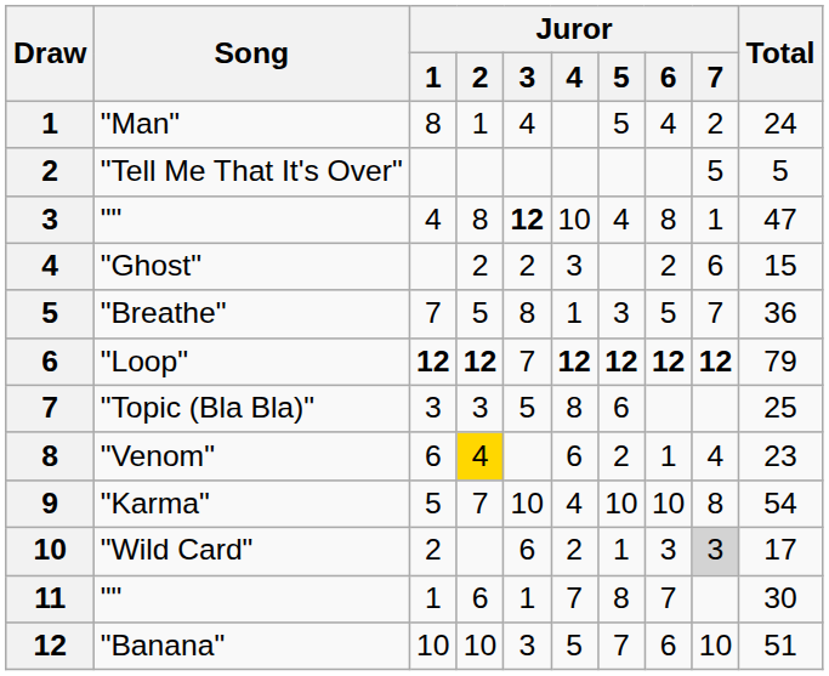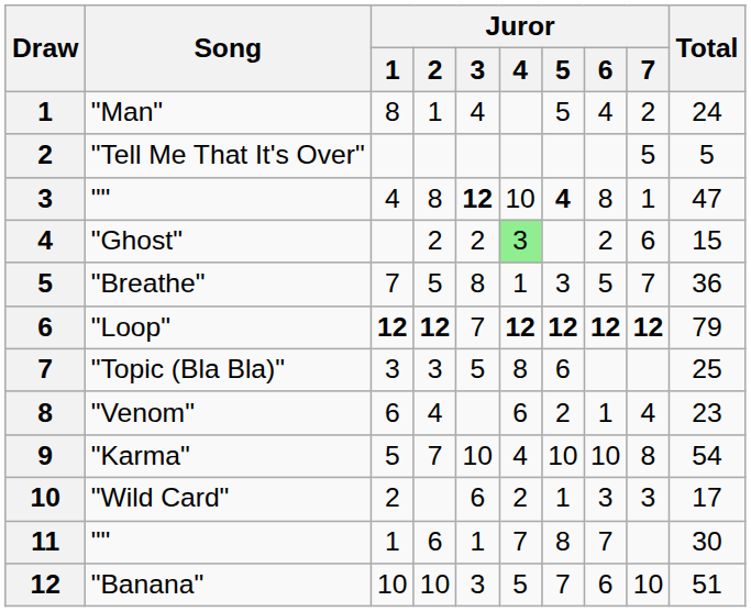 <table class="wikitable plainrowheaders" style="margin: 1em auto 1em auto; text-align:center;">
 <tr>
 <th rowspan="2">Draw</th>
 <th rowspan="2">Song</th>
 <th colspan="7">Juror</th>
 <th rowspan="2">Total</th>
 </tr>
 <tr>
 <th>1</th>
 <th>2</th>
 <th>3</th>
 <th>4</th>
 <th>5</th>
 <th>6</th>
 <th>7</th>
 </tr>
 <tr>
 <th scope="row" style="text-align:center;">1</th>
 <td align="left">"Man"</td>
 <td>8</td>
 <td>1</td>
 <td>4</td>
 <td></td>
 <td>5</td>
 <td>4</td>
 <td>2</td>
 <td>24</td>
 </tr>
 <tr>
 <th scope="row" style="text-align:center;">2</th>
 <td align="left">"Tell Me That It's Over"</td>
 <td></td>
 <td></td>
 <td></td>
 <td></td>
 <td></td>
 <td></td>
 <td>5</td>
 <td>5</td>
 </tr>
 <tr>
 <th scope="row" style="text-align:center;">3</th>
 <td align="left">""</td>
 <td>4</td>
 <td>8</td>
 <td><strong>12</strong></td>
 <td>10</td>
-<td>4</td>
+<td><strong>4</strong></td>
 <td>8</td>
 <td>1</td>
 <td>47</td>
 </tr>
 <tr>
 <th scope="row" style="text-align:center;">4</th>
 <td align="left">"Ghost"</td>
 <td></td>
 <td>2</td>
 <td>2</td>
-<td>3</td>
+<td style="background: lightgreen;">3</td>
 <td></td>
 <td>2</td>
 <td>6</td>
 <td>15</td>
 </tr>
 <tr>
 <th scope="row" style="text-align:center;">5</th>
 <td align="left">"Breathe"</td>
 <td>7</td>
 <td>5</td>
 <td>8</td>
 <td>1</td>
 <td>3</td>
 <td>5</td>
 <td>7</td>
 <td>36</td>
 </tr>
 <tr>
 <th scope="row" style="text-align:center;">6</th>
 <td align="left">"Loop"</td>
 <td><strong>12</strong></td>
 <td><strong>12</strong></td>
 <td>7</td>
 <td><strong>12</strong></td>
 <td><strong>12</strong></td>
 <td><strong>12</strong></td>
 <td><strong>12</strong></td>
 <td>79</td>
 </tr>
 <tr>
 <th scope="row" style="text-align:center;">7</th>
 <td align="left">"Topic (Bla Bla)"</td>
 <td>3</td>
 <td>3</td>
 <td>5</td>
 <td>8</td>
 <td>6</td>
 <td></td>
 <td></td>
 <td>25</td>
 </tr>
 <tr>
 <th scope="row" style="text-align:center;">8</th>
 <td align="left">"Venom"</td>
 <td>6</td>
-<td style="background: gold;">4</td>
+<td>4</td>
 <td></td>
 <td>6</td>
 <td>2</td>
 <td>1</td>
 <td>4</td>
 <td>23</td>
 </tr>
 <tr>
 <th scope="row" style="text-align:center;">9</th>
 <td align="left">"Karma"</td>
 <td>5</td>
 <td>7</td>
 <td>10</td>
 <td>4</td>
 <td>10</td>
 <td>10</td>
 <td>8</td>
 <td>54</td>
 </tr>
 <tr>
 <th scope="row" style="text-align:center;">10</th>
 <td align="left">"Wild Card"</td>
 <td>2</td>
 <td></td>
 <td>6</td>
 <td>2</td>
 <td>1</td>
 <td>3</td>
-<td style="background: lightgrey;">3</td>
+<td>3</td>
 <td>17</td>
 </tr>
 <tr>
 <th scope="row" style="text-align:center;">11</th>
 <td align="left">""</td>
 <td>1</td>
 <td>6</td>
 <td>1</td>
 <td>7</td>
 <td>8</td>
 <td>7</td>
 <td></td>
 <td>30</td>
 </tr>
 <tr>
 <th scope="row" style="text-align:center;">12</th>
 <td align="left">"Banana"</td>
 <td>10</td>
 <td>10</td>
 <td>3</td>
 <td>5</td>
 <td>7</td>
 <td>6</td>
 <td>10</td>
 <td>51</td>
 </tr>
 </table>
